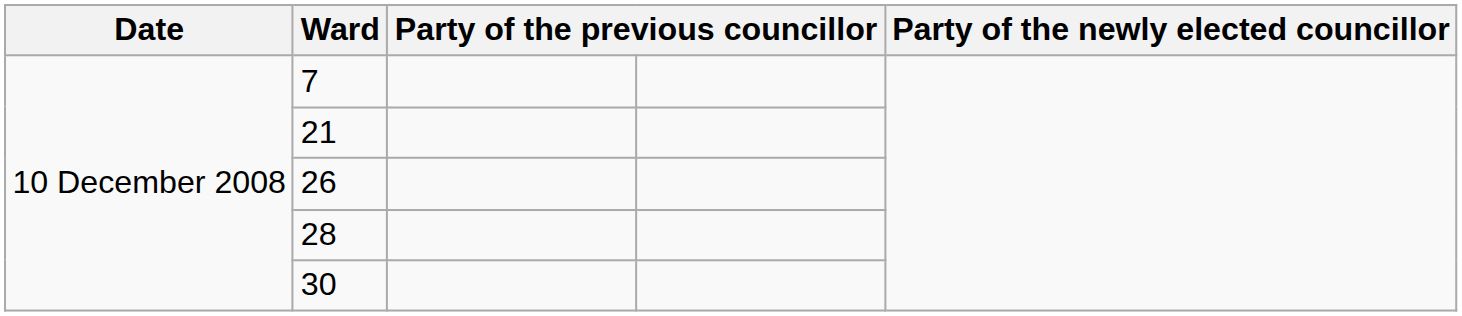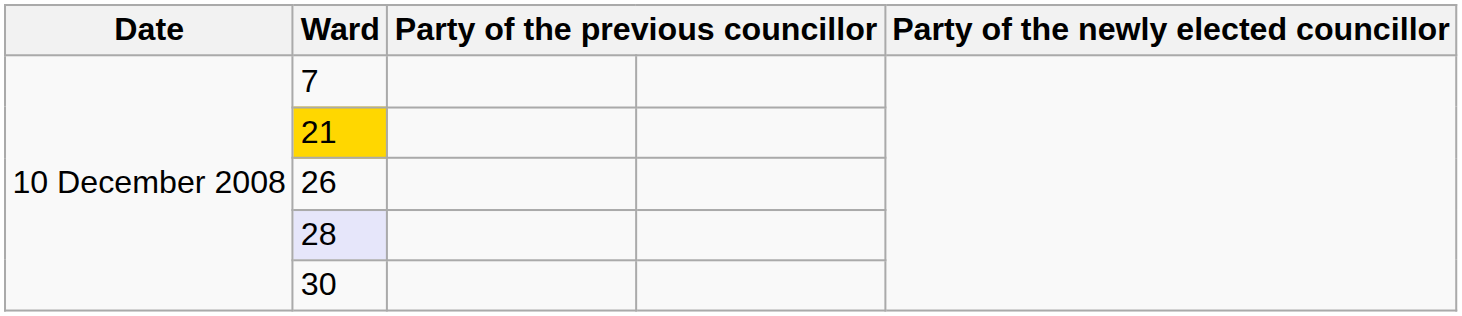 <table class="wikitable">
 <tr>
 <th>Date</th>
 <th>Ward</th>
 <th colspan=2>Party of the previous councillor</th>
 <th colspan=2>Party of the newly elected councillor</th>
 </tr>
 <tr>
 <td rowspan=5>10 December 2008</td>
 <td>7</td>
 <td></td>
 <td></td>
 </tr>
 <tr>
-<td>21</td>
+<td style="background: gold;">21</td>
 <td></td>
 <td></td>
 </tr>
 <tr>
 <td>26</td>
 <td></td>
 <td></td>
 </tr>
 <tr>
-<td>28</td>
+<td style="background: lavender;">28</td>
 <td></td>
 <td></td>
 </tr>
 <tr>
 <td>30</td>
 <td></td>
 <td></td>
 </tr>
 </table>
